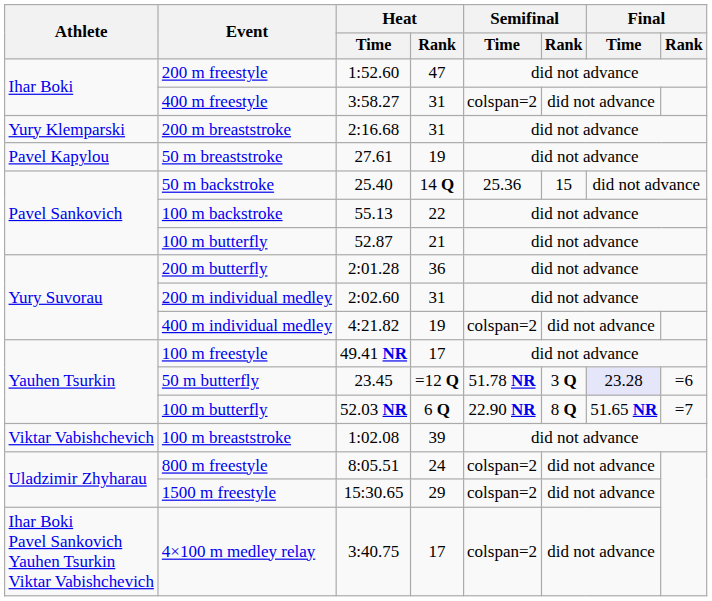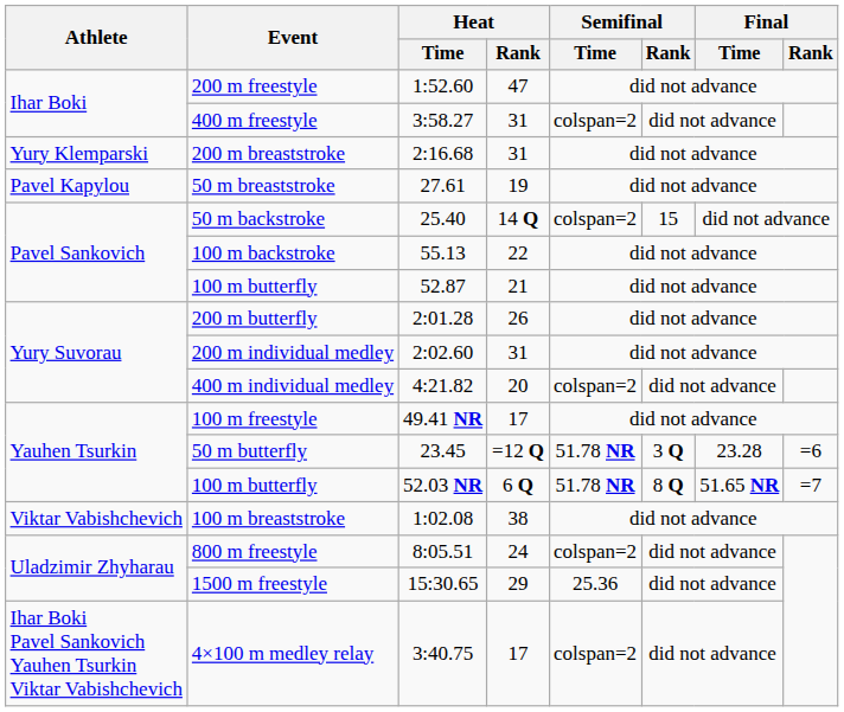 <table class=wikitable style="font-size:90%">
 <tr>
 <th rowspan="2">Athlete</th>
 <th rowspan="2">Event</th>
 <th colspan="2">Heat</th>
 <th colspan="2">Semifinal</th>
 <th colspan="2">Final</th>
 </tr>
 <tr style="font-size:95%">
 <th>Time</th>
 <th>Rank</th>
 <th>Time</th>
 <th>Rank</th>
 <th>Time</th>
 <th>Rank</th>
 </tr>
 <tr align=center>
 <td align=left rowspan=2><a href='#'>Ihar Boki</a></td>
 <td align=left><a href='#'>200 m freestyle</a></td>
 <td>1:52.60</td>
 <td>47</td>
 <td colspan=4>did not advance</td>
 </tr>
 <tr align=center>
 <td align=left><a href='#'>400 m freestyle</a></td>
 <td>3:58.27</td>
 <td>31</td>
 <td>colspan=2 </td>
 <td colspan=2>did not advance</td>
 </tr>
 <tr align=center>
 <td align=left><a href='#'>Yury Klemparski</a></td>
 <td align=left><a href='#'>200 m breaststroke</a></td>
 <td>2:16.68</td>
 <td>31</td>
 <td colspan=4>did not advance</td>
 </tr>
 <tr align=center>
 <td align=left><a href='#'>Pavel Kapylou</a></td>
 <td align=left><a href='#'>50 m breaststroke</a></td>
 <td>27.61</td>
 <td>19</td>
 <td colspan=4>did not advance</td>
 </tr>
 <tr align=center>
 <td align=left rowspan=3><a href='#'>Pavel Sankovich</a></td>
 <td align=left><a href='#'>50 m backstroke</a></td>
 <td>25.40</td>
 <td>14 <strong>Q</strong></td>
-<td>25.36</td>
+<td>colspan=2 </td>
 <td>15</td>
 <td colspan=2>did not advance</td>
 </tr>
 <tr align=center>
 <td align=left><a href='#'>100 m backstroke</a></td>
 <td>55.13</td>
 <td>22</td>
 <td colspan=4>did not advance</td>
 </tr>
 <tr align=center>
 <td align=left><a href='#'>100 m butterfly</a></td>
 <td>52.87</td>
 <td>21</td>
 <td colspan=4>did not advance</td>
 </tr>
 <tr align=center>
 <td align=left rowspan=3><a href='#'>Yury Suvorau</a></td>
 <td align=left><a href='#'>200 m butterfly</a></td>
 <td>2:01.28</td>
-<td>36</td>
+<td>26</td>
 <td colspan=4>did not advance</td>
 </tr>
 <tr align=center>
 <td align=left><a href='#'>200 m individual medley</a></td>
 <td>2:02.60</td>
 <td>31</td>
 <td colspan=4>did not advance</td>
 </tr>
 <tr align=center>
 <td align=left><a href='#'>400 m individual medley</a></td>
 <td>4:21.82</td>
-<td>19</td>
+<td>20</td>
 <td>colspan=2 </td>
 <td colspan=2>did not advance</td>
 </tr>
 <tr align=center>
 <td align=left rowspan=3><a href='#'>Yauhen Tsurkin</a></td>
 <td align=left><a href='#'>100 m freestyle</a></td>
 <td>49.41 <strong><a href='#'>NR</a></strong></td>
 <td>17</td>
 <td colspan=4>did not advance</td>
 </tr>
 <tr align=center>
 <td align=left><a href='#'>50 m butterfly</a></td>
 <td>23.45</td>
 <td>=12 <strong>Q</strong></td>
 <td>51.78 <strong><a href='#'>NR</a></strong></td>
 <td>3 <strong>Q</strong></td>
-<td style="background: lavender;">23.28</td>
+<td>23.28</td>
 <td>=6</td>
 </tr>
 <tr align=center>
 <td align=left><a href='#'>100 m butterfly</a></td>
 <td>52.03 <strong><a href='#'>NR</a></strong></td>
 <td>6 <strong>Q</strong></td>
-<td>22.90 <strong><a href='#'>NR</a></strong></td>
+<td>51.78 <strong><a href='#'>NR</a></strong></td>
 <td>8 <strong>Q</strong></td>
 <td>51.65 <strong><a href='#'>NR</a></strong></td>
 <td>=7</td>
 </tr>
 <tr align=center>
 <td align=left><a href='#'>Viktar Vabishchevich</a></td>
 <td align=left><a href='#'>100 m breaststroke</a></td>
 <td>1:02.08</td>
-<td>39</td>
+<td>38</td>
 <td colspan=4>did not advance</td>
 </tr>
 <tr align=center>
 <td align=left rowspan=2><a href='#'>Uladzimir Zhyharau</a></td>
 <td align=left><a href='#'>800 m freestyle</a></td>
 <td>8:05.51</td>
 <td>24</td>
 <td>colspan=2 </td>
 <td colspan=2>did not advance</td>
 </tr>
 <tr align=center>
 <td align=left><a href='#'>1500 m freestyle</a></td>
 <td>15:30.65</td>
 <td>29</td>
-<td>colspan=2 </td>
+<td>25.36</td>
 <td colspan=2>did not advance</td>
 </tr>
 <tr align=center>
 <td align=left><a href='#'>Ihar Boki</a><br><a href='#'>Pavel Sankovich</a><br><a href='#'>Yauhen Tsurkin</a><br><a href='#'>Viktar Vabishchevich</a></td>
 <td align=left><a href='#'>4×100 m medley relay</a></td>
 <td>3:40.75</td>
 <td>17</td>
 <td>colspan=2 </td>
 <td colspan=2>did not advance</td>
 </tr>
 </table>
